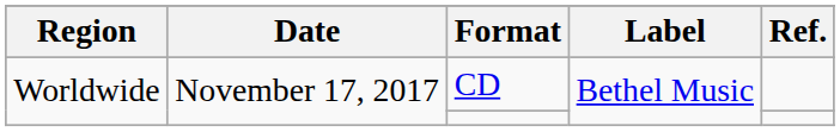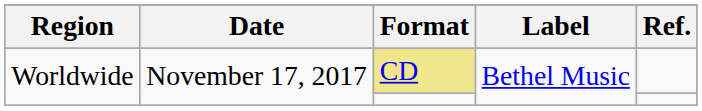 <table class="wikitable plainrowheaders">
 <tr>
 </tr>
 <tr>
 <th scope="col">Region</th>
 <th scope="col">Date</th>
 <th scope="col">Format</th>
 <th scope="col">Label</th>
 <th scope="col">Ref.</th>
 </tr>
 <tr>
 <td rowspan="2">Worldwide</td>
 <td rowspan="2">November 17, 2017</td>
-<td><a href='#'>CD</a></td>
+<td style="background: khaki;"><a href='#'>CD</a></td>
 <td rowspan="2"><a href='#'>Bethel Music</a></td>
 <td></td>
 </tr>
 <tr>
 <td></td>
 <td></td>
 </tr>
 </table>
